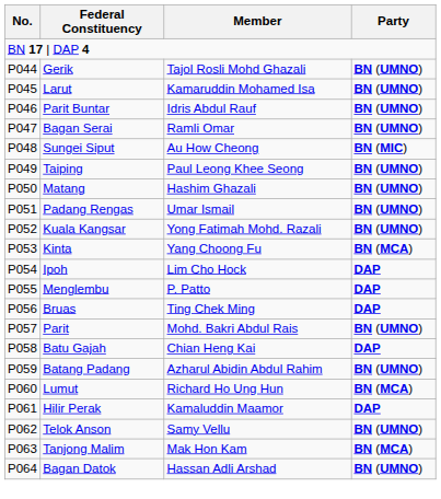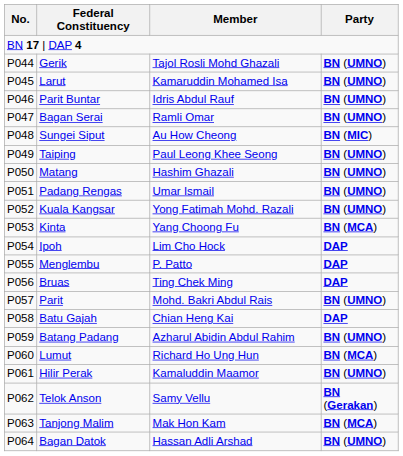 <table class="wikitable sortable">
 <tr>
 <th style="width:30px;">No.</th>
 <th style="width:150px;">Federal Constituency</th>
 <th style="width:230px;">Member</th>
 <th style="width:100px;">Party</th>
 </tr>
 <tr>
 <td colspan="4"><a href='#'>BN</a> <strong>17</strong> | <a href='#'>DAP</a> <strong>4</strong></td>
 </tr>
 <tr>
 <td>P044</td>
 <td><a href='#'>Gerik</a></td>
 <td><a href='#'>Tajol Rosli Mohd Ghazali</a></td>
 <td><strong><a href='#'>BN</a></strong> (<strong><a href='#'>UMNO</a></strong>)</td>
 </tr>
 <tr>
 <td>P045</td>
 <td><a href='#'>Larut</a></td>
 <td><a href='#'>Kamaruddin Mohamed Isa</a></td>
 <td><strong><a href='#'>BN</a></strong> (<strong><a href='#'>UMNO</a></strong>)</td>
 </tr>
 <tr>
 <td>P046</td>
 <td><a href='#'>Parit Buntar</a></td>
 <td><a href='#'>Idris Abdul Rauf</a></td>
 <td><strong><a href='#'>BN</a></strong> (<strong><a href='#'>UMNO</a></strong>)</td>
 </tr>
 <tr>
 <td>P047</td>
 <td><a href='#'>Bagan Serai</a></td>
 <td><a href='#'>Ramli Omar</a></td>
 <td><strong><a href='#'>BN</a></strong> (<strong><a href='#'>UMNO</a></strong>)</td>
 </tr>
 <tr>
 <td>P048</td>
 <td><a href='#'>Sungei Siput</a></td>
 <td><a href='#'>Au How Cheong</a></td>
 <td><strong><a href='#'>BN</a></strong> (<strong><a href='#'>MIC</a></strong>)</td>
 </tr>
 <tr>
 <td>P049</td>
 <td><a href='#'>Taiping</a></td>
 <td><a href='#'>Paul Leong Khee Seong</a></td>
 <td><strong><a href='#'>BN</a></strong> (<strong><a href='#'>UMNO</a></strong>)</td>
 </tr>
 <tr>
 <td>P050</td>
 <td><a href='#'>Matang</a></td>
 <td><a href='#'>Hashim Ghazali</a></td>
 <td><strong><a href='#'>BN</a></strong> (<strong><a href='#'>UMNO</a></strong>)</td>
 </tr>
 <tr>
 <td>P051</td>
 <td><a href='#'>Padang Rengas</a></td>
 <td><a href='#'>Umar Ismail</a></td>
 <td><strong><a href='#'>BN</a></strong> (<strong><a href='#'>UMNO</a></strong>)</td>
 </tr>
 <tr>
 <td>P052</td>
 <td><a href='#'>Kuala Kangsar</a></td>
 <td><a href='#'>Yong Fatimah Mohd. Razali</a></td>
 <td><strong><a href='#'>BN</a></strong> (<strong><a href='#'>UMNO</a></strong>)</td>
 </tr>
 <tr>
 <td>P053</td>
 <td><a href='#'>Kinta</a></td>
 <td><a href='#'>Yang Choong Fu</a></td>
 <td><strong><a href='#'>BN</a></strong> (<strong><a href='#'>MCA</a></strong>)</td>
 </tr>
 <tr>
 <td>P054</td>
 <td><a href='#'>Ipoh</a></td>
 <td><a href='#'>Lim Cho Hock</a></td>
 <td><strong><a href='#'>DAP</a></strong></td>
 </tr>
 <tr>
 <td>P055</td>
 <td><a href='#'>Menglembu</a></td>
 <td><a href='#'>P. Patto</a></td>
 <td><strong><a href='#'>DAP</a></strong></td>
 </tr>
 <tr>
 <td>P056</td>
 <td><a href='#'>Bruas</a></td>
 <td><a href='#'>Ting Chek Ming</a></td>
 <td><strong><a href='#'>DAP</a></strong></td>
 </tr>
 <tr>
 <td>P057</td>
 <td><a href='#'>Parit</a></td>
 <td><a href='#'>Mohd. Bakri Abdul Rais</a></td>
 <td><strong><a href='#'>BN</a></strong> (<strong><a href='#'>UMNO</a></strong>)</td>
 </tr>
 <tr>
 <td>P058</td>
 <td><a href='#'>Batu Gajah</a></td>
 <td><a href='#'>Chian Heng Kai</a></td>
 <td><strong><a href='#'>DAP</a></strong></td>
 </tr>
 <tr>
 <td>P059</td>
 <td><a href='#'>Batang Padang</a></td>
 <td><a href='#'>Azharul Abidin Abdul Rahim</a></td>
 <td><strong><a href='#'>BN</a></strong> (<strong><a href='#'>UMNO</a></strong>)</td>
 </tr>
 <tr>
 <td>P060</td>
 <td><a href='#'>Lumut</a></td>
 <td><a href='#'>Richard Ho Ung Hun</a></td>
 <td><strong><a href='#'>BN</a></strong> (<strong><a href='#'>MCA</a></strong>)</td>
 </tr>
 <tr>
 <td>P061</td>
 <td><a href='#'>Hilir Perak</a></td>
 <td><a href='#'>Kamaluddin Maamor</a></td>
-<td><strong><a href='#'>DAP</a></strong></td>
+<td><strong><a href='#'>BN</a></strong> (<strong><a href='#'>UMNO</a></strong>)</td>
 </tr>
 <tr>
 <td>P062</td>
 <td><a href='#'>Telok Anson</a></td>
 <td><a href='#'>Samy Vellu</a></td>
-<td><strong><a href='#'>BN</a></strong> (<strong><a href='#'>UMNO</a></strong>)</td>
+<td><strong><a href='#'>BN</a></strong> (<strong><a href='#'>Gerakan</a></strong>)</td>
 </tr>
 <tr>
 <td>P063</td>
 <td><a href='#'>Tanjong Malim</a></td>
 <td><a href='#'>Mak Hon Kam</a></td>
 <td><strong><a href='#'>BN</a></strong> (<strong><a href='#'>MCA</a></strong>)</td>
 </tr>
 <tr>
 <td>P064</td>
 <td><a href='#'>Bagan Datok</a></td>
 <td><a href='#'>Hassan Adli Arshad</a></td>
 <td><strong><a href='#'>BN</a></strong> (<strong><a href='#'>UMNO</a></strong>)</td>
 </tr>
 </table>
